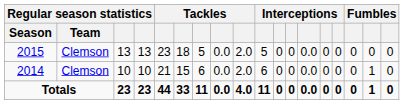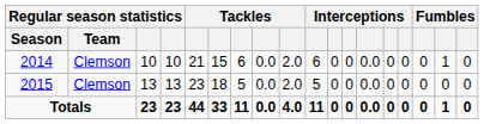 <table class="wikitable" style="text-align:center;">
 <tr>
 <th colspan="4">Regular season statistics</th>
 <th colspan="5">Tackles</th>
 <th colspan="6">Interceptions</th>
 <th colspan="3">Fumbles</th>
 </tr>
 <tr>
 <th>Season</th>
 <th>Team</th>
 <th></th>
 <th></th>
 <th></th>
 <th></th>
 <th></th>
 <th></th>
 <th></th>
 <th></th>
 <th></th>
 <th></th>
 <th></th>
 <th></th>
 <th></th>
 <th></th>
 <th></th>
 <th></th>
 </tr>
 <tr>
+<td><a href='#'>2014</a></td>
+<td><a href='#'>Clemson</a></td>
+<td>10</td>
+<td>10</td>
+<td>21</td>
+<td>15</td>
+<td>6</td>
+<td>0.0</td>
+<td>2.0</td>
+<td>6</td>
+<td>0</td>
+<td>0</td>
+<td>0.0</td>
+<td>0</td>
+<td>0</td>
+<td>0</td>
+<td>1</td>
+<td>0</td>
+</tr>
+<tr>
 <td><a href='#'>2015</a></td>
 <td><a href='#'>Clemson</a></td>
 <td>13</td>
 <td>13</td>
 <td>23</td>
 <td>18</td>
 <td>5</td>
 <td>0.0</td>
 <td>2.0</td>
 <td>5</td>
 <td>0</td>
 <td>0</td>
 <td>0.0</td>
 <td>0</td>
 <td>0</td>
 <td>0</td>
 <td>0</td>
-<td>0</td>
-</tr>
-<tr>
-<td><a href='#'>2014</a></td>
-<td><a href='#'>Clemson</a></td>
-<td>10</td>
-<td>10</td>
-<td>21</td>
-<td>15</td>
-<td>6</td>
-<td>0.0</td>
-<td>2.0</td>
-<td>6</td>
-<td>0</td>
-<td>0</td>
-<td>0.0</td>
-<td>0</td>
-<td>0</td>
-<td>0</td>
-<td>1</td>
 <td>0</td>
 </tr>
 <tr>
 <td colspan="2"><strong>Totals</strong></td>
 <td><strong>23</strong></td>
 <td><strong>23</strong></td>
 <td><strong>44</strong></td>
 <td><strong>33</strong></td>
 <td><strong>11</strong></td>
 <td><strong>0.0</strong></td>
 <td><strong>4.0</strong></td>
 <td><strong>11</strong></td>
 <td><strong>0</strong></td>
 <td><strong>0</strong></td>
 <td><strong>0.0</strong></td>
 <td><strong>0</strong></td>
 <td><strong>0</strong></td>
 <td><strong>0</strong></td>
 <td><strong>1</strong></td>
 <td><strong>0</strong></td>
 </tr>
 </table>
